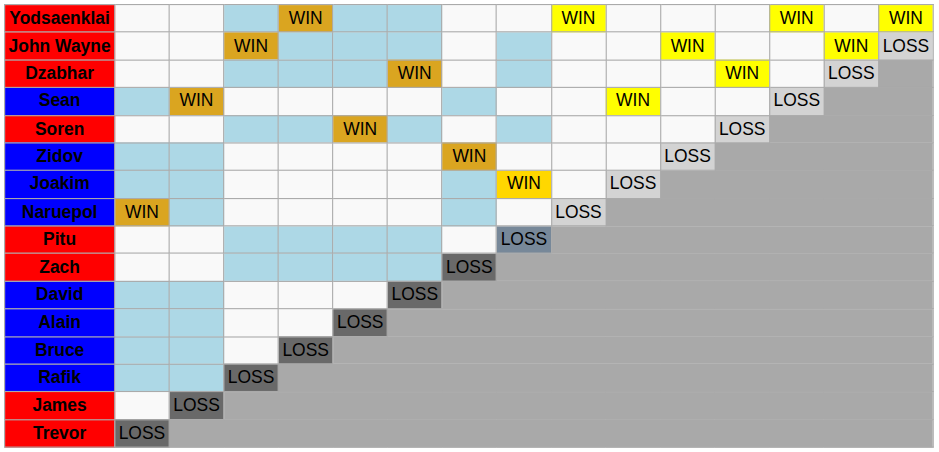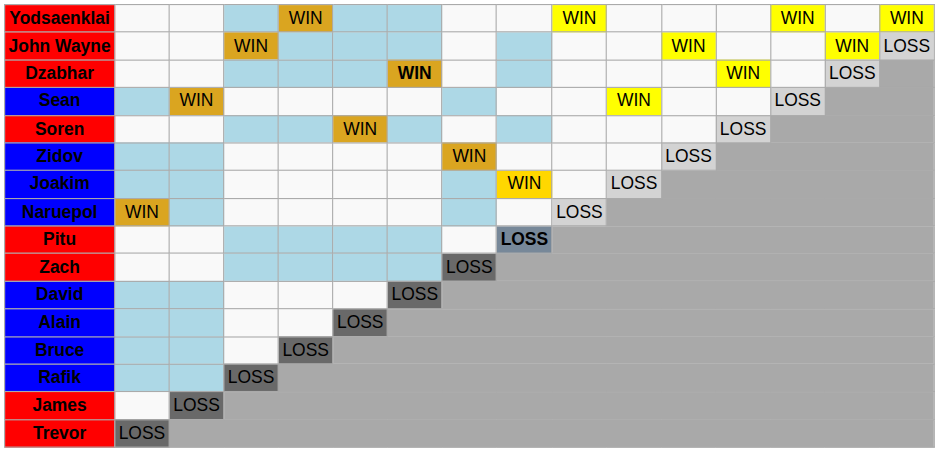 <table class="wikitable" style="text-align:center">
 <tr>
 <th align="left" style="background:red"><span>Yodsaenklai</span></th>
 <td></td>
 <td></td>
 <td style="background:lightblue"></td>
 <td style="background:goldenrod">WIN</td>
 <td style="background:lightblue"></td>
 <td style="background:lightblue"></td>
 <td></td>
 <td></td>
 <td style="background:yellow">WIN</td>
 <td></td>
 <td></td>
 <td></td>
 <td style="background:yellow">WIN</td>
 <td></td>
 <td style="background:yellow">WIN</td>
 </tr>
 <tr>
 <th align="left" style="background:red"><span>John Wayne</span></th>
 <td></td>
 <td></td>
 <td style="background:goldenrod">WIN</td>
 <td style="background:lightblue"></td>
 <td style="background:lightblue"></td>
 <td style="background:lightblue"></td>
 <td></td>
 <td style="background:lightblue"></td>
 <td></td>
 <td></td>
 <td style="background:yellow">WIN</td>
 <td></td>
 <td></td>
 <td style="background:yellow">WIN</td>
 <td style="background:lightgray">LOSS</td>
 </tr>
 <tr>
 <th align="left" style="background:red"><span>Dzabhar</span></th>
 <td></td>
 <td></td>
 <td style="background:lightblue"></td>
 <td style="background:lightblue"></td>
 <td style="background:lightblue"></td>
-<td style="background:goldenrod">WIN</td>
+<td style="background:goldenrod"><strong>WIN</strong></td>
 <td></td>
 <td style="background:lightblue"></td>
 <td></td>
 <td></td>
 <td></td>
 <td style="background:yellow">WIN</td>
 <td></td>
 <td style="background:lightgray">LOSS</td>
 <td style="background:darkgray"></td>
 </tr>
 <tr>
 <th align="left" style="background:blue"><span>Sean</span></th>
 <td style="background:lightblue"></td>
 <td style="background:goldenrod">WIN</td>
 <td></td>
 <td></td>
 <td></td>
 <td></td>
 <td style="background:lightblue"></td>
 <td></td>
 <td></td>
 <td style="background:yellow">WIN</td>
 <td></td>
 <td></td>
 <td style="background:lightgray">LOSS</td>
 <td colspan=8 style="background:darkgray"></td>
 </tr>
 <tr>
 <th align="left" style="background:red"><span>Soren</span></th>
 <td></td>
 <td></td>
 <td style="background:lightblue"></td>
 <td style="background:lightblue"></td>
 <td style="background:goldenrod">WIN</td>
 <td style="background:lightblue"></td>
 <td></td>
 <td style="background:lightblue"></td>
 <td></td>
 <td></td>
 <td></td>
 <td style="background:lightgray">LOSS</td>
 <td colspan=8 style="background:darkgray"></td>
 </tr>
 <tr>
 <th align="left" style="background:blue"><span>Zidov</span></th>
 <td style="background:lightblue"></td>
 <td style="background:lightblue"></td>
 <td></td>
 <td></td>
 <td></td>
 <td></td>
 <td style="background:goldenrod">WIN</td>
 <td></td>
 <td></td>
 <td></td>
 <td style="background:lightgray">LOSS</td>
 <td colspan=8 style="background:darkgray"></td>
 </tr>
 <tr>
 <th align="left" style="background:blue"><span>Joakim</span></th>
 <td style="background:lightblue"></td>
 <td style="background:lightblue"></td>
 <td></td>
 <td></td>
 <td></td>
 <td></td>
 <td style="background:lightblue"></td>
 <td style="background:gold">WIN</td>
 <td></td>
 <td style="background:lightgray">LOSS</td>
 <td colspan=8 style="background:darkgray"></td>
 </tr>
 <tr>
 <th align="left" style="background:blue"><span>Naruepol</span></th>
 <td style="background:goldenrod">WIN</td>
 <td style="background:lightblue"></td>
 <td></td>
 <td></td>
 <td></td>
 <td></td>
 <td style="background:lightblue"></td>
 <td></td>
 <td style="background:lightgray">LOSS</td>
 <td colspan=8 style="background:darkgray"></td>
 </tr>
 <tr>
 <th align="left" style="background:red"><span>Pitu</span></th>
 <td></td>
 <td></td>
 <td style="background:lightblue"></td>
 <td style="background:lightblue"></td>
 <td style="background:lightblue"></td>
 <td style="background:lightblue"></td>
 <td></td>
-<td style="background:lightslategray">LOSS</td>
+<td style="background:lightslategray"><strong>LOSS</strong></td>
 <td colspan=8 style="background:darkgray"></td>
 </tr>
 <tr>
 <th align="left" style="background:red"><span>Zach</span></th>
 <td></td>
 <td></td>
 <td style="background:lightblue"></td>
 <td style="background:lightblue"></td>
 <td style="background:lightblue"></td>
 <td style="background:lightblue"></td>
 <td style="background:dimgray"><span>LOSS</span></td>
 <td colspan=9 style="background:darkgray"></td>
 </tr>
 <tr>
 <th align="left" style="background:blue"><span>David</span></th>
 <td style="background:lightblue"></td>
 <td style="background:lightblue"></td>
 <td></td>
 <td></td>
 <td></td>
 <td style="background:dimgray"><span>LOSS</span></td>
 <td colspan=10 style="background:darkgray"></td>
 </tr>
 <tr>
 <th align="left" style="background:blue"><span>Alain</span></th>
 <td style="background:lightblue"></td>
 <td style="background:lightblue"></td>
 <td></td>
 <td></td>
 <td style="background:dimgray"><span>LOSS</span></td>
 <td colspan=11 style="background:darkgray"></td>
 </tr>
 <tr>
 <th align="left" style="background:blue"><span>Bruce</span></th>
 <td style="background:lightblue"></td>
 <td style="background:lightblue"></td>
 <td></td>
 <td style="background:dimgray"><span>LOSS</span></td>
 <td colspan=12 style="background:darkgray"></td>
 </tr>
 <tr>
 <th align="left" style="background:blue"><span>Rafik</span></th>
 <td style="background:lightblue"></td>
 <td style="background:lightblue"></td>
 <td style="background:dimgray"><span>LOSS</span></td>
 <td colspan=13 style="background:darkgray"></td>
 </tr>
 <tr>
 <th align="left" style="background:red"><span>James</span></th>
 <td></td>
 <td style="background:dimgray"><span>LOSS</span></td>
 <td colspan=13 style="background:darkgray"></td>
 </tr>
 <tr>
 <th align="left" style="background:red"><span>Trevor</span></th>
 <td style="background:dimgray"><span>LOSS</span></td>
 <td colspan=14 style="background:darkgray"></td>
 </tr>
 </table>
